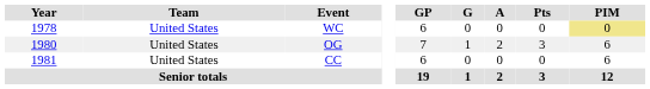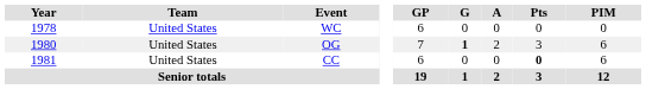 <table border="0" cellpadding="1" cellspacing="0" style="text-align:center; width:50em">
 <tr ALIGN="center" bgcolor="#e0e0e0">
 <th>Year</th>
 <th>Team</th>
 <th>Event</th>
 <th rowspan="99" bgcolor="#ffffff"> </th>
 <th>GP</th>
 <th>G</th>
 <th>A</th>
 <th>Pts</th>
 <th>PIM</th>
 </tr>
 <tr>
 <td><a href='#'>1978</a></td>
 <td><a href='#'>United States</a></td>
 <td><a href='#'>WC</a></td>
 <td>6</td>
 <td>0</td>
 <td>0</td>
 <td>0</td>
-<td style="background: khaki;">0</td>
+<td>0</td>
 </tr>
 <tr bgcolor="#f0f0f0">
 <td><a href='#'>1980</a></td>
 <td>United States</td>
 <td><a href='#'>OG</a></td>
 <td>7</td>
-<td>1</td>
+<td><strong>1</strong></td>
 <td>2</td>
 <td>3</td>
 <td>6</td>
 </tr>
 <tr>
 <td><a href='#'>1981</a></td>
 <td>United States</td>
 <td><a href='#'>CC</a></td>
 <td>6</td>
 <td>0</td>
 <td>0</td>
-<td>0</td>
+<td><strong>0</strong></td>
 <td>6</td>
 </tr>
 <tr bgcolor="#e0e0e0">
 <th colspan=3>Senior totals</th>
 <th>19</th>
 <th>1</th>
 <th>2</th>
 <th>3</th>
 <th>12</th>
 </tr>
 </table>
